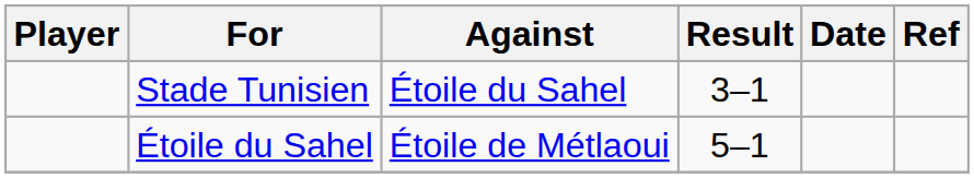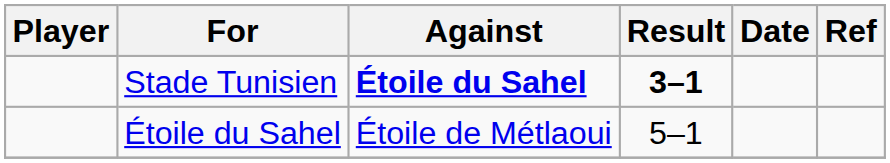 <table class="wikitable" style="font-size: 95%;">
 <tr>
 <th>Player</th>
 <th>For</th>
 <th>Against</th>
 <th style="text-align:center">Result</th>
 <th>Date</th>
 <th>Ref</th>
 </tr>
 <tr>
 <td> </td>
 <td><a href='#'>Stade Tunisien</a></td>
-<td><a href='#'>Étoile du Sahel</a></td>
-<td style="text-align:center;">3–1</td>
+<td><strong><a href='#'>Étoile du Sahel</a></strong></td>
+<td style="text-align:center;"><strong>3–1</strong></td>
 <td></td>
 <td></td>
 </tr>
 <tr>
 <td> </td>
 <td><a href='#'>Étoile du Sahel</a></td>
 <td><a href='#'>Étoile de Métlaoui</a></td>
 <td style="text-align:center;">5–1</td>
 <td></td>
 <td></td>
 </tr>
 <tr>
 </tr>
 </table>
